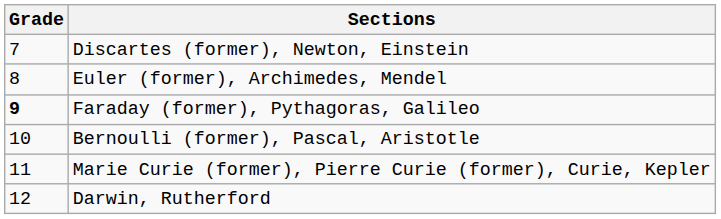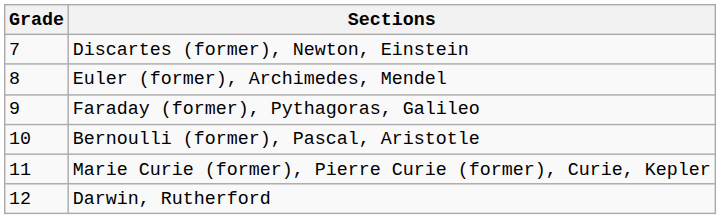 <table class="wikitable">
 <tr>
 <th>Grade</th>
 <th>Sections</th>
 </tr>
 <tr>
 <td>7</td>
 <td>Discartes (former), Newton, Einstein</td>
 </tr>
 <tr>
 <td>8</td>
 <td>Euler (former), Archimedes, Mendel</td>
 </tr>
 <tr>
-<td><strong>9</strong></td>
+<td>9</td>
 <td>Faraday (former), Pythagoras, Galileo</td>
 </tr>
 <tr>
 <td>10</td>
 <td>Bernoulli (former), Pascal, Aristotle</td>
 </tr>
 <tr>
 <td>11</td>
 <td>Marie Curie (former), Pierre Curie (former), Curie, Kepler</td>
 </tr>
 <tr>
 <td>12</td>
 <td>Darwin, Rutherford</td>
 </tr>
 </table>
